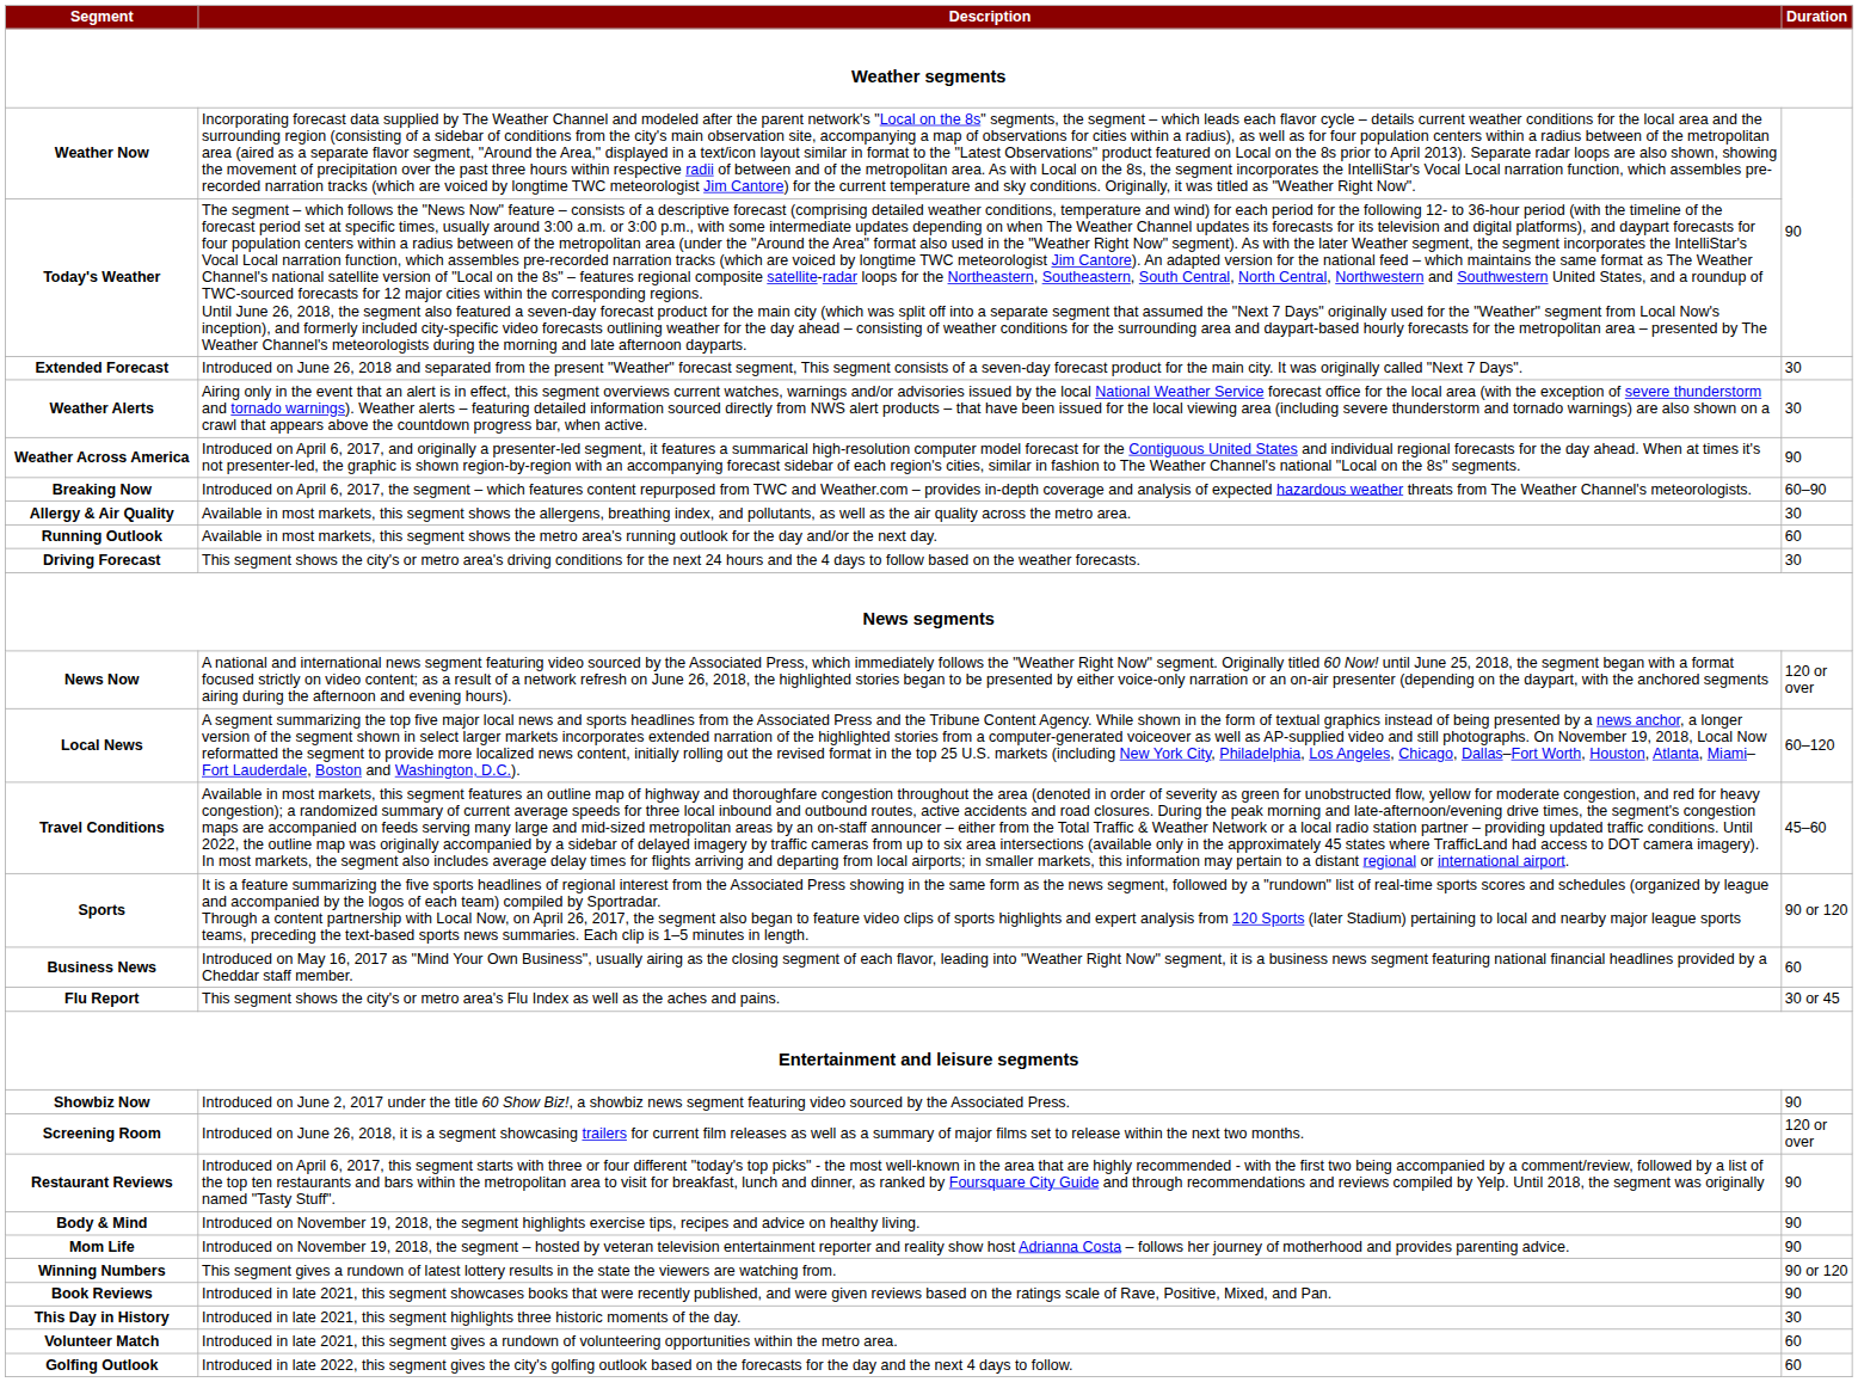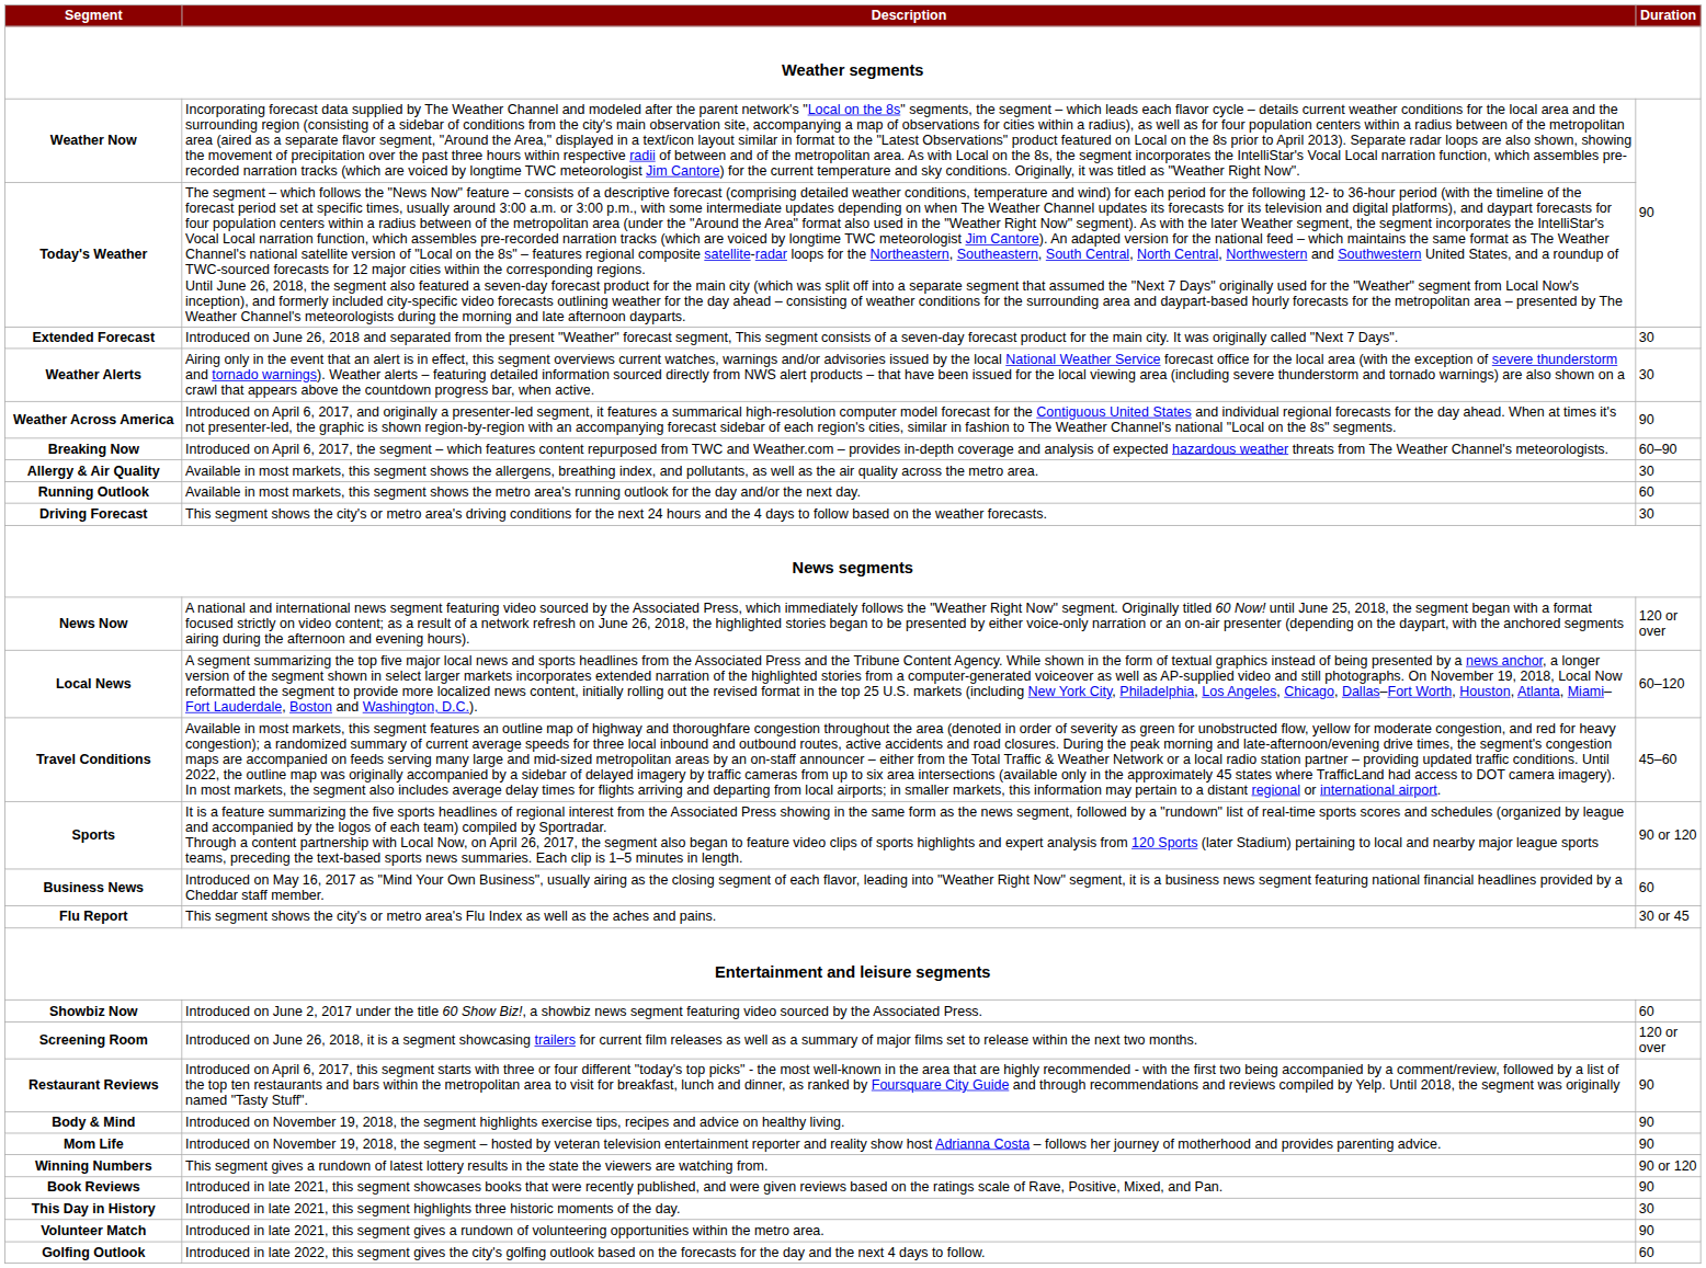 <table class="wikitable" text-align: center; width="100%" style="background-color: #FFFFFF; colspan:5">
 <tr style="color:white;">
 <th style="background-color: #8B0000">Segment</th>
 <th style="background-color: #8B0000">Description</th>
 <th style="background-color: #8B0000">Duration<br></th>
 </tr>
 <tr>
 <td align="center" colspan="5"><br><h3>Weather segments</h3></td>
 </tr>
 <tr>
 <td align="center" width="200pt"><strong>Weather Now</strong></td>
 <td>Incorporating forecast data supplied by The Weather Channel and modeled after the parent network's "<a href='#'>Local on the 8s</a>" segments, the segment – which leads each flavor cycle – details current weather conditions for the local area and the surrounding region (consisting of a sidebar of conditions from the city's main observation site, accompanying a map of observations for cities within a  radius), as well as for four population centers within a radius between  of the metropolitan area (aired as a separate flavor segment, "Around the Area," displayed in a text/icon layout similar in format to the "Latest Observations" product featured on Local on the 8s prior to April 2013). Separate radar loops are also shown, showing the movement of precipitation over the past three hours within respective <a href='#'>radii</a> of between  and  of the metropolitan area. As with Local on the 8s, the segment incorporates the IntelliStar's Vocal Local narration function, which assembles pre-recorded narration tracks (which are voiced by longtime TWC meteorologist <a href='#'>Jim Cantore</a>) for the current temperature and sky conditions. Originally, it was titled as "Weather Right Now".</td>
 <td rowspan="2">90</td>
 </tr>
 <tr>
 <td align="center" width="200pt"><strong>Today's Weather</strong></td>
 <td>The segment – which follows the "News Now" feature – consists of a descriptive forecast (comprising detailed weather conditions, temperature and wind) for each period for the following 12- to 36-hour period (with the timeline of the forecast period set at specific times, usually around 3:00 a.m. or 3:00 p.m., with some intermediate updates depending on when The Weather Channel updates its forecasts for its television and digital platforms), and daypart forecasts for four population centers within a radius between  of the metropolitan area (under the "Around the Area" format also used in the "Weather Right Now" segment). As with the later Weather segment, the segment incorporates the IntelliStar's Vocal Local narration function, which assembles pre-recorded narration tracks (which are voiced by longtime TWC meteorologist <a href='#'>Jim Cantore</a>). An adapted version for the national feed – which maintains the same format as The Weather Channel's national satellite version of "Local on the 8s" – features regional composite <a href='#'>satellite</a>-<a href='#'>radar</a> loops for the <a href='#'>Northeastern</a>, <a href='#'>Southeastern</a>, <a href='#'>South Central</a>, <a href='#'>North Central</a>, <a href='#'>Northwestern</a> and <a href='#'>Southwestern</a> United States, and a roundup of TWC-sourced forecasts for 12 major cities within the corresponding regions.<br>Until June 26, 2018, the segment also featured a seven-day forecast product for the main city (which was split off into a separate segment that assumed the "Next 7 Days" originally used for the "Weather" segment from Local Now's inception), and formerly included city-specific video forecasts outlining weather for the day ahead – consisting of weather conditions for the surrounding area and daypart-based hourly forecasts for the metropolitan area – presented by The Weather Channel's meteorologists during the morning and late afternoon dayparts.</td>
 </tr>
 <tr>
 <td align="center" width="200pt"><strong>Extended Forecast</strong></td>
 <td>Introduced on June 26, 2018 and separated from the present "Weather" forecast segment, This segment consists of a seven-day forecast product for the main city. It was originally called "Next 7 Days".</td>
 <td>30</td>
 </tr>
 <tr>
 <td align="center" width="200pt"><strong>Weather Alerts</strong></td>
 <td>Airing only in the event that an alert is in effect, this segment overviews current watches, warnings and/or advisories issued by the local <a href='#'>National Weather Service</a> forecast office for the local area (with the exception of <a href='#'>severe thunderstorm</a> and <a href='#'>tornado warnings</a>). Weather alerts – featuring detailed information sourced directly from NWS alert products – that have been issued for the local viewing area (including severe thunderstorm and tornado warnings) are also shown on a crawl that appears above the countdown progress bar, when active.</td>
 <td>30</td>
 </tr>
 <tr>
 <td align="center" width="200pt"><strong>Weather Across America</strong></td>
 <td>Introduced on April 6, 2017, and originally a presenter-led segment, it features a summarical high-resolution computer model forecast for the <a href='#'>Contiguous United States</a> and individual regional forecasts for the day ahead. When at times it's not presenter-led, the graphic is shown region-by-region with an accompanying forecast sidebar of each region's cities, similar in fashion to The Weather Channel's national "Local on the 8s" segments.</td>
 <td>90</td>
 </tr>
 <tr>
 <td align="center" width="200pt"><strong>Breaking Now</strong></td>
 <td>Introduced on April 6, 2017, the segment – which features content repurposed from TWC and Weather.com – provides in-depth coverage and analysis of expected <a href='#'>hazardous weather</a> threats from The Weather Channel's meteorologists.</td>
 <td>60–90</td>
 </tr>
 <tr>
 <td align="center" width="200pt"><strong>Allergy & Air Quality</strong></td>
 <td>Available in most markets, this segment shows the allergens, breathing index, and pollutants, as well as the air quality across the metro area.</td>
 <td>30</td>
 </tr>
 <tr>
 <td align="center" width="200pt"><strong>Running Outlook</strong></td>
 <td>Available in most markets, this segment shows the metro area's running outlook for the day and/or the next day.</td>
 <td>60</td>
 </tr>
 <tr>
 <td align="center" width="200pt"><strong>Driving Forecast</strong></td>
 <td>This segment shows the city's or metro area's driving conditions for the next 24 hours and the 4 days to follow based on the weather forecasts.</td>
 <td>30</td>
 </tr>
 <tr>
 <td align="center" colspan="5"><br><h3>News segments</h3></td>
 </tr>
 <tr>
 <td align="center" width="200pt"><strong>News Now</strong></td>
 <td>A national and international news segment featuring video sourced by the Associated Press, which immediately follows the "Weather Right Now" segment. Originally titled <em>60 Now!</em> until June 25, 2018, the segment began with a format focused strictly on video content; as a result of a network refresh on June 26, 2018, the highlighted stories began to be presented by either voice-only narration or an on-air presenter (depending on the daypart, with the anchored segments airing during the afternoon and evening hours).</td>
 <td>120 or over</td>
 </tr>
 <tr>
 <td align="center" width="200pt"><strong>Local News</strong></td>
 <td>A segment summarizing the top five major local news and sports headlines from the Associated Press and the Tribune Content Agency. While shown in the form of textual graphics instead of being presented by a <a href='#'>news anchor</a>, a longer version of the segment shown in select larger markets incorporates extended narration of the highlighted stories from a computer-generated voiceover as well as AP-supplied video and still photographs. On November 19, 2018, Local Now reformatted the segment to provide more localized news content, initially rolling out the revised format in the top 25 U.S. markets (including <a href='#'>New York City</a>, <a href='#'>Philadelphia</a>, <a href='#'>Los Angeles</a>, <a href='#'>Chicago</a>, <a href='#'>Dallas</a>–<a href='#'>Fort Worth</a>, <a href='#'>Houston</a>, <a href='#'>Atlanta</a>, <a href='#'>Miami</a>–<a href='#'>Fort Lauderdale</a>, <a href='#'>Boston</a> and <a href='#'>Washington, D.C.</a>).</td>
 <td>60–120</td>
 </tr>
 <tr>
 <td align="center" width="200pt"><strong>Travel Conditions</strong></td>
 <td>Available in most markets, this segment features an outline map of highway and thoroughfare congestion throughout the area (denoted in order of severity as green for unobstructed flow, yellow for moderate congestion, and red for heavy congestion); a randomized summary of current average speeds for three local inbound and outbound routes, active accidents and road closures. During the peak morning and late-afternoon/evening drive times, the segment's congestion maps are accompanied on feeds serving many large and mid-sized metropolitan areas by an on-staff announcer – either from the Total Traffic & Weather Network or a local radio station partner – providing updated traffic conditions. Until 2022, the outline map was originally accompanied by a sidebar of delayed imagery by traffic cameras from up to six area intersections (available only in the approximately 45 states where TrafficLand had access to DOT camera imagery).<br>In most markets, the segment also includes average delay times for flights arriving and departing from local airports; in smaller markets, this information may pertain to a distant <a href='#'>regional</a> or <a href='#'>international airport</a>.</td>
 <td>45–60</td>
 </tr>
 <tr>
 <td align="center" width="200pt"><strong>Sports</strong></td>
 <td>It is a feature summarizing the five sports headlines of regional interest from the Associated Press showing in the same form as the news segment, followed by a "rundown" list of real-time sports scores and schedules (organized by league and accompanied by the logos of each team) compiled by Sportradar.<br>Through a content partnership with Local Now, on April 26, 2017, the segment also began to feature video clips of sports highlights and expert analysis from <a href='#'>120 Sports</a> (later Stadium) pertaining to local and nearby major league sports teams, preceding the text-based sports news summaries. Each clip is 1–5 minutes in length.</td>
 <td>90 or 120</td>
 </tr>
 <tr>
 <td align="center" width="200pt"><strong>Business News</strong></td>
 <td>Introduced on May 16, 2017 as "Mind Your Own Business", usually airing as the closing segment of each flavor, leading into "Weather Right Now" segment, it is a business news segment featuring national financial headlines provided by a Cheddar staff member.</td>
 <td>60</td>
 </tr>
 <tr>
 <td align="center" width="200pt"><strong>Flu Report</strong></td>
 <td>This segment shows the city's or metro area's Flu Index as well as the aches and pains.</td>
 <td>30 or 45</td>
 </tr>
 <tr>
 <td align="center" colspan="5"><br><h3>Entertainment and leisure segments</h3></td>
 </tr>
 <tr>
 <td align="center" width="200pt"><strong>Showbiz Now</strong></td>
 <td>Introduced on June 2, 2017 under the title <em>60 Show Biz!</em>, a showbiz news segment featuring video sourced by the Associated Press.</td>
-<td>90</td>
+<td>60</td>
 </tr>
 <tr>
 <td align="center" width="200pt"><strong>Screening Room</strong></td>
 <td>Introduced on June 26, 2018, it is a segment showcasing <a href='#'>trailers</a> for current film releases as well as a summary of major films set to release within the next two months.</td>
 <td>120 or over</td>
 </tr>
 <tr>
 <td align="center" width="200pt"><strong>Restaurant Reviews</strong></td>
 <td>Introduced on April 6, 2017, this segment starts with three or four different "today's top picks" - the most well-known in the area that are highly recommended - with the first two being accompanied by a comment/review, followed by a list of the top ten restaurants and bars within the metropolitan area to visit for breakfast, lunch and dinner, as ranked by <a href='#'>Foursquare City Guide</a> and through recommendations and reviews compiled by Yelp. Until 2018, the segment was originally named "Tasty Stuff".</td>
 <td>90</td>
 </tr>
 <tr>
 <td align="center" width="200pt"><strong>Body & Mind</strong></td>
 <td>Introduced on November 19, 2018, the segment highlights exercise tips, recipes and advice on healthy living.</td>
 <td>90</td>
 </tr>
 <tr>
 <td align="center" width="200pt"><strong>Mom Life</strong></td>
 <td>Introduced on November 19, 2018, the segment – hosted by veteran television entertainment reporter and reality show host <a href='#'>Adrianna Costa</a> – follows her journey of motherhood and provides parenting advice.</td>
 <td>90</td>
 </tr>
 <tr>
 <td align="center" width="200pt"><strong>Winning Numbers</strong></td>
 <td>This segment gives a rundown of latest lottery results in the state the viewers are watching from.</td>
 <td>90 or 120</td>
 </tr>
 <tr>
 <td align="center" width="200pt"><strong>Book Reviews</strong></td>
 <td>Introduced in late 2021, this segment showcases books that were recently published, and were given reviews based on the ratings scale of Rave, Positive, Mixed, and Pan.</td>
 <td>90</td>
 </tr>
 <tr>
 <td align="center" width="200pt"><strong>This Day in History</strong></td>
 <td>Introduced in late 2021, this segment highlights three historic moments of the day.</td>
 <td>30</td>
 </tr>
 <tr>
 <td align="center" width="200pt"><strong>Volunteer Match</strong></td>
 <td>Introduced in late 2021, this segment gives a rundown of volunteering opportunities within the metro area.</td>
-<td>60</td>
+<td>90</td>
 </tr>
 <tr>
 <td align="center" width="200pt"><strong>Golfing Outlook</strong></td>
 <td>Introduced in late 2022, this segment gives the city's golfing outlook based on the forecasts for the day and the next 4 days to follow.</td>
 <td>60</td>
 </tr>
 </table>
